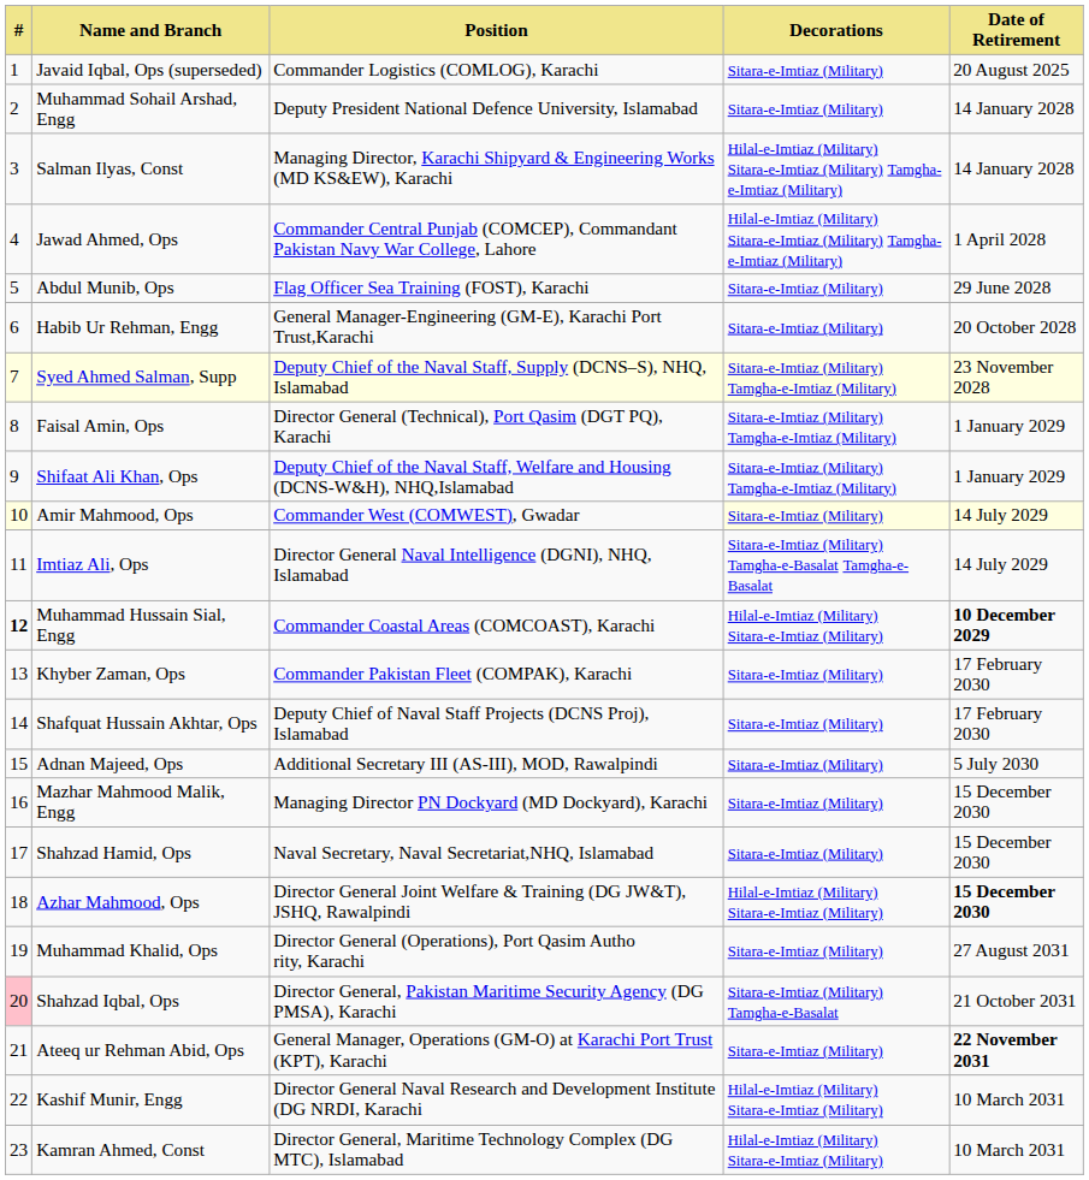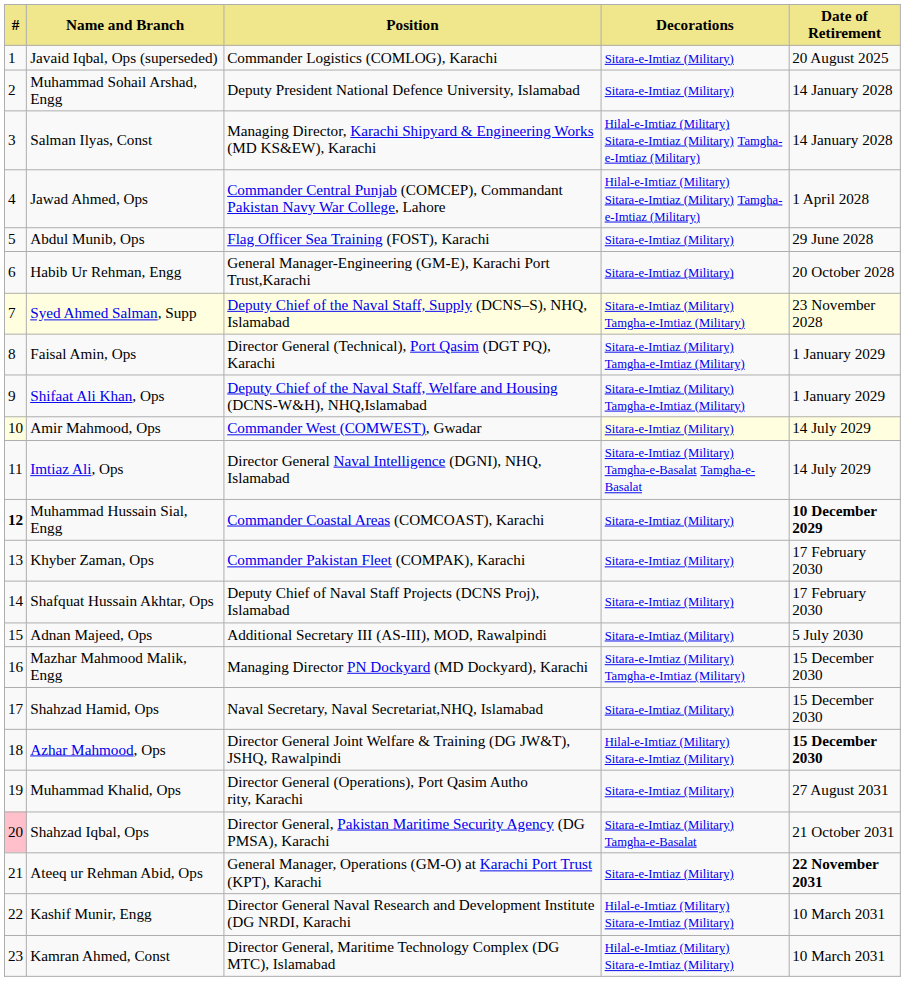 <table class="wikitable">
 <tr>
 <th width="10" style="background:#F0E68C; text-align:center">#</th>
 <th width="200" style="background:#F0E68C; text-align:center">Name and Branch</th>
 <th width="390" style="background:#F0E68C; text-align:center">Position</th>
 <th width="190" style="background:#F0E68C; text-align:center">Decorations</th>
 <th width="110" style="background:#F0E68C; text-align:center">Date of Retirement</th>
 </tr>
 <tr>
 <td>1</td>
 <td>Javaid Iqbal, Ops (superseded)</td>
 <td>Commander Logistics (COMLOG), Karachi</td>
 <td><small> <a href='#'>Sitara-e-Imtiaz (Military)</a></small></td>
 <td>20 August 2025</td>
 </tr>
 <tr>
 <td>2</td>
 <td>Muhammad Sohail Arshad, Engg</td>
 <td>Deputy President National Defence University, Islamabad</td>
 <td><small><a href='#'>Sitara-e-Imtiaz (Military)</a></small></td>
 <td>14 January 2028</td>
 </tr>
 <tr>
 <td>3</td>
 <td>Salman Ilyas, Const</td>
 <td>Managing Director, <a href='#'>Karachi Shipyard & Engineering Works</a> (MD KS&EW), Karachi</td>
 <td> <small><a href='#'>Hilal-e-Imtiaz (Military)</a></small><br><small> <a href='#'>Sitara-e-Imtiaz (Military)</a></small> <small> <a href='#'>Tamgha-e-Imtiaz (Military)</a></small></td>
 <td>14 January 2028</td>
 </tr>
 <tr>
 <td>4</td>
 <td>Jawad Ahmed, Ops</td>
 <td><a href='#'>Commander Central Punjab</a> (COMCEP), Commandant <a href='#'>Pakistan Navy War College</a>, Lahore</td>
 <td><small><a href='#'>Hilal-e-Imtiaz (Military)</a></small><br><small> <a href='#'>Sitara-e-Imtiaz (Military)</a></small>  <small> <a href='#'>Tamgha-e-Imtiaz (Military)</a></small></td>
 <td>1 April 2028</td>
 </tr>
 <tr>
 <td>5</td>
 <td>Abdul Munib, Ops</td>
 <td><a href='#'>Flag Officer Sea Training</a> (FOST), Karachi</td>
 <td><small> <a href='#'>Sitara-e-Imtiaz (Military)</a></small></td>
 <td>29 June 2028</td>
 </tr>
 <tr>
 <td>6</td>
 <td>Habib Ur Rehman, Engg</td>
 <td>General Manager-Engineering (GM-E), Karachi Port Trust,Karachi</td>
 <td><small> <a href='#'>Sitara-e-Imtiaz (Military)</a></small></td>
 <td>20 October 2028</td>
 </tr>
 <tr>
 <td style="background:#FFFFE0  ;">7</td>
 <td style="background:#FFFFE0  ;"><a href='#'>Syed Ahmed Salman</a>, Supp</td>
 <td style="background:#FFFFE0  ;"><a href='#'>Deputy Chief of the Naval Staff, Supply</a> (DCNS–S), NHQ, Islamabad</td>
 <td style="background:#FFFFE0  ;"><small> <a href='#'>Sitara-e-Imtiaz (Military)</a></small><br><small> <a href='#'>Tamgha-e-Imtiaz (Military)</a></small></td>
 <td style="background:#FFFFE0  ;">23 November 2028</td>
 </tr>
 <tr>
 <td>8</td>
 <td>Faisal Amin, Ops</td>
 <td>Director General (Technical), <a href='#'>Port Qasim</a> (DGT PQ), Karachi</td>
 <td><small> <a href='#'>Sitara-e-Imtiaz (Military)</a></small><br><small> <a href='#'>Tamgha-e-Imtiaz (Military)</a></small></td>
 <td>1 January 2029</td>
 </tr>
 <tr>
 <td>9</td>
 <td><a href='#'>Shifaat Ali Khan</a>, Ops</td>
 <td><a href='#'>Deputy Chief of the Naval Staff, Welfare and Housing</a> (DCNS-W&H), NHQ,Islamabad</td>
 <td><small> <a href='#'>Sitara-e-Imtiaz (Military)</a></small><br><small> <a href='#'>Tamgha-e-Imtiaz (Military)</a></small></td>
 <td>1 January 2029</td>
 </tr>
 <tr>
 <td style="background:#FFFFE0">10</td>
 <td>Amir Mahmood, Ops</td>
 <td><a href='#'>Commander West (COMWEST)</a>, Gwadar</td>
 <td style="background:#FFFFE0 ;"><small> <a href='#'>Sitara-e-Imtiaz (Military)</a></small></td>
 <td style="background:#FFFFE0  ;">14 July 2029</td>
 </tr>
 <tr>
 <td>11</td>
 <td><a href='#'>Imtiaz Ali</a>, Ops</td>
 <td>Director General <a href='#'>Naval Intelligence</a> (DGNI), NHQ, Islamabad</td>
 <td><small> <a href='#'>Sitara-e-Imtiaz (Military)</a></small><br><small> <a href='#'>Tamgha-e-Basalat</a></small> <small> <a href='#'>Tamgha-e-Basalat</a></small></td>
 <td>14 July 2029</td>
 </tr>
 <tr>
 <td><strong>12</strong></td>
 <td>Muhammad Hussain Sial, Engg</td>
 <td><a href='#'>Commander Coastal Areas</a> (COMCOAST), Karachi</td>
-<td><small><a href='#'>Hilal-e-Imtiaz (Military)</a></small><br><small><a href='#'>Sitara-e-Imtiaz (Military)</a></small></td>
+<td><small> <a href='#'>Sitara-e-Imtiaz (Military)</a></small></td>
 <td><strong>10 December 2029</strong></td>
 </tr>
 <tr>
 <td>13</td>
 <td>Khyber Zaman, Ops</td>
 <td><a href='#'>Commander Pakistan Fleet</a> (COMPAK), Karachi</td>
 <td><small><a href='#'>Sitara-e-Imtiaz (Military)</a></small></td>
 <td>17 February 2030</td>
 </tr>
 <tr>
 <td>14</td>
 <td>Shafquat Hussain Akhtar, Ops</td>
 <td>Deputy Chief of Naval Staff Projects (DCNS Proj), Islamabad</td>
 <td><small><a href='#'>Sitara-e-Imtiaz (Military)</a></small></td>
 <td>17 February 2030</td>
 </tr>
 <tr>
 <td>15</td>
 <td>Adnan Majeed, Ops</td>
 <td>Additional Secretary III (AS-III), MOD, Rawalpindi</td>
 <td><small> <a href='#'>Sitara-e-Imtiaz (Military)</a></small></td>
 <td>5 July 2030</td>
 </tr>
 <tr>
 <td>16</td>
 <td>Mazhar Mahmood Malik, Engg</td>
 <td>Managing Director <a href='#'>PN Dockyard</a> (MD Dockyard), Karachi</td>
-<td><small> <a href='#'>Sitara-e-Imtiaz (Military)</a></small></td>
+<td><small> <a href='#'>Sitara-e-Imtiaz (Military)</a></small><br><small> <a href='#'>Tamgha-e-Imtiaz (Military)</a></small></td>
 <td>15 December 2030</td>
 </tr>
 <tr>
 <td>17</td>
 <td>Shahzad Hamid, Ops</td>
 <td>Naval Secretary, Naval Secretariat,NHQ, Islamabad</td>
 <td><small> <a href='#'>Sitara-e-Imtiaz (Military)</a></small></td>
 <td>15 December 2030</td>
 </tr>
 <tr>
 <td>18</td>
 <td><a href='#'>Azhar Mahmood</a>, Ops</td>
 <td>Director General Joint Welfare & Training (DG JW&T), JSHQ, Rawalpindi</td>
 <td> <small><a href='#'>Hilal-e-Imtiaz (Military)</a></small><br><small> <a href='#'>Sitara-e-Imtiaz (Military)</a></small></td>
 <td><strong>15 December 2030</strong></td>
 </tr>
 <tr>
 <td>19</td>
 <td>Muhammad Khalid, Ops</td>
 <td>Director General (Operations), Port Qasim Autho<br>rity, Karachi</td>
 <td><small> <a href='#'>Sitara-e-Imtiaz (Military)</a></small></td>
 <td>27 August 2031</td>
 </tr>
 <tr>
 <td style="background: pink;">20</td>
 <td>Shahzad Iqbal, Ops</td>
 <td>Director General, <a href='#'>Pakistan Maritime Security Agency</a> (DG PMSA), Karachi</td>
 <td><small><a href='#'>Sitara-e-Imtiaz (Military)</a></small><br><small> <a href='#'>Tamgha-e-Basalat</a></small></td>
 <td>21 October 2031</td>
 </tr>
 <tr>
 <td>21</td>
 <td>Ateeq ur Rehman Abid, Ops</td>
 <td>General Manager, Operations (GM-O) at <a href='#'>Karachi Port Trust</a> (KPT), Karachi</td>
 <td><small> <a href='#'>Sitara-e-Imtiaz (Military)</a></small></td>
 <td><strong>22 November 2031</strong></td>
 </tr>
 <tr>
 <td>22</td>
 <td>Kashif Munir, Engg</td>
 <td>Director General Naval Research and Development Institute (DG NRDI, Karachi</td>
 <td><small> <a href='#'>Hilal-e-Imtiaz (Military)</a></small><br><small> <a href='#'>Sitara-e-Imtiaz (Military)</a></small></td>
 <td>10 March 2031</td>
 </tr>
 <tr>
 <td>23</td>
 <td>Kamran Ahmed, Const</td>
 <td>Director General, Maritime Technology Complex (DG MTC), Islamabad</td>
 <td><small> <a href='#'>Hilal-e-Imtiaz (Military)</a></small><br><small> <a href='#'>Sitara-e-Imtiaz (Military)</a></small></td>
 <td>10 March 2031</td>
 </tr>
 </table>
